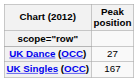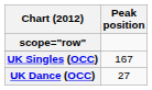 <table class="wikitable plainrowheaders sortable" style="text-align:center;">
 <tr>
 <th scope="col">Chart (2012)</th>
 <th scope="col">Peak<br>position</th>
 </tr>
 <tr>
 <th>scope="row" </th>
 </tr>
 <tr>
 </tr>
 <tr>
+<th scope="row"><a href='#'>UK Singles</a> (<a href='#'>OCC</a>)</th>
+<td>167</td>
+</tr>
+<tr>
 <th scope="row"><a href='#'>UK Dance</a> (<a href='#'>OCC</a>)</th>
 <td>27</td>
 </tr>
-<tr>
-<th scope="row"><a href='#'>UK Singles</a> (<a href='#'>OCC</a>)</th>
-<td>167</td>
-</tr>
 </table>
